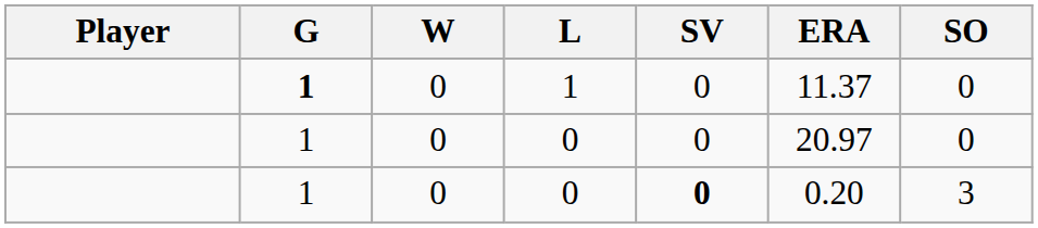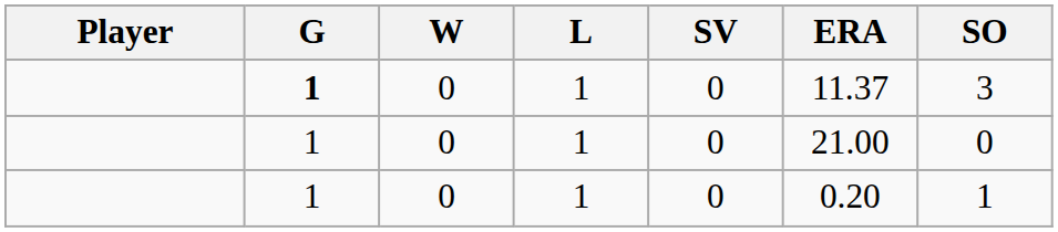 <table class="wikitable sortable">
 <tr>
 <th bgcolor="#DDDDFF" width="16%">Player</th>
 <th bgcolor="#DDDDFF" width="9%">G</th>
 <th bgcolor="#DDDDFF" width="9%">W</th>
 <th bgcolor="#DDDDFF" width="9%">L</th>
 <th bgcolor="#DDDDFF" width="9%">SV</th>
 <th bgcolor="#DDDDFF" width="9%">ERA</th>
 <th bgcolor="#DDDDFF" width="9%">SO</th>
 </tr>
 <tr align="center">
 <td></td>
 <td><strong>1</strong></td>
 <td>0</td>
 <td>1</td>
 <td>0</td>
 <td>11.37</td>
+<td>3</td>
+</tr>
+<tr align="center">
+<td></td>
+<td>1</td>
+<td>0</td>
+<td>1</td>
+<td>0</td>
+<td>21.00</td>
 <td>0</td>
 </tr>
 <tr align="center">
 <td></td>
 <td>1</td>
 <td>0</td>
-<td>0</td>
-<td>0</td>
-<td>20.97</td>
-<td>0</td>
-</tr>
-<tr align="center">
-<td></td>
 <td>1</td>
 <td>0</td>
-<td>0</td>
-<td><strong>0</strong></td>
 <td>0.20</td>
-<td>3</td>
+<td>1</td>
 </tr>
 </table>
